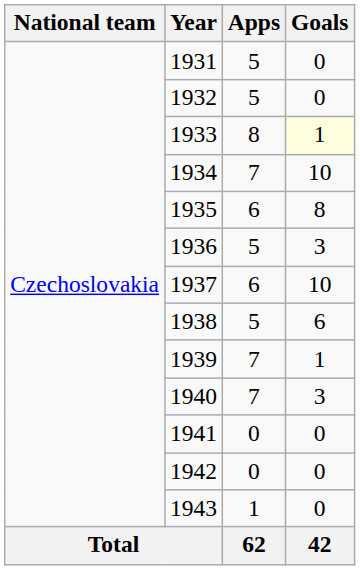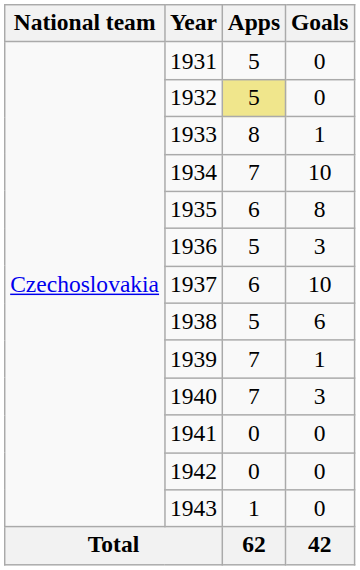 <table class="wikitable" style="text-align:center">
 <tr>
 <th>National team</th>
 <th>Year</th>
 <th>Apps</th>
 <th>Goals</th>
 </tr>
 <tr>
 <td rowspan="13"><a href='#'>Czechoslovakia</a></td>
 <td>1931</td>
 <td>5</td>
 <td>0</td>
 </tr>
 <tr>
 <td>1932</td>
-<td>5</td>
+<td style="background: khaki;">5</td>
 <td>0</td>
 </tr>
 <tr>
 <td>1933</td>
 <td>8</td>
-<td style="background: lightyellow;">1</td>
+<td>1</td>
 </tr>
 <tr>
 <td>1934</td>
 <td>7</td>
 <td>10</td>
 </tr>
 <tr>
 <td>1935</td>
 <td>6</td>
 <td>8</td>
 </tr>
 <tr>
 <td>1936</td>
 <td>5</td>
 <td>3</td>
 </tr>
 <tr>
 <td>1937</td>
 <td>6</td>
 <td>10</td>
 </tr>
 <tr>
 <td>1938</td>
 <td>5</td>
 <td>6</td>
 </tr>
 <tr>
 <td>1939</td>
 <td>7</td>
 <td>1</td>
 </tr>
 <tr>
 <td>1940</td>
 <td>7</td>
 <td>3</td>
 </tr>
 <tr>
 <td>1941</td>
 <td>0</td>
 <td>0</td>
 </tr>
 <tr>
 <td>1942</td>
 <td>0</td>
 <td>0</td>
 </tr>
 <tr>
 <td>1943</td>
 <td>1</td>
 <td>0</td>
 </tr>
 <tr>
 <th colspan="2">Total</th>
 <th>62</th>
 <th>42</th>
 </tr>
 </table>
